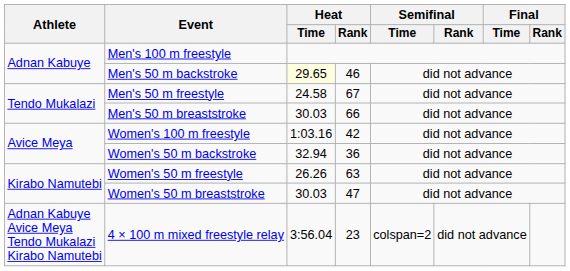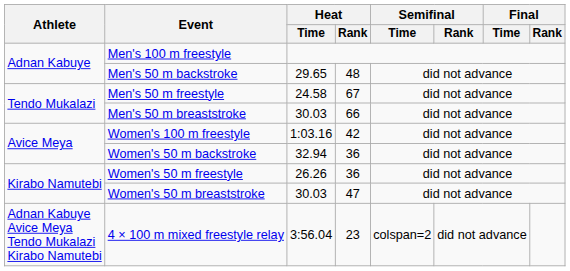 <table class=wikitable style="font-size:90%">
 <tr>
 <th rowspan="2">Athlete</th>
 <th rowspan="2">Event</th>
 <th colspan="2">Heat</th>
 <th colspan="2">Semifinal</th>
 <th colspan="2">Final</th>
 </tr>
 <tr style="font-size:95%">
 <th>Time</th>
 <th>Rank</th>
 <th>Time</th>
 <th>Rank</th>
 <th>Time</th>
 <th>Rank</th>
 </tr>
 <tr align=center>
 <td align=left rowspan=2><a href='#'>Adnan Kabuye</a></td>
 <td align=left><a href='#'>Men's 100 m freestyle</a></td>
 <td colspan=6></td>
 </tr>
 <tr align=center>
 <td align=left><a href='#'>Men's 50 m backstroke</a></td>
-<td style="background: lightyellow;">29.65</td>
-<td>46</td>
+<td>29.65</td>
+<td>48</td>
 <td colspan=4>did not advance</td>
 </tr>
 <tr align=center>
 <td align=left rowspan=2><a href='#'>Tendo Mukalazi</a></td>
 <td align=left><a href='#'>Men's 50 m freestyle</a></td>
 <td>24.58</td>
 <td>67</td>
 <td colspan=4>did not advance</td>
 </tr>
 <tr align=center>
 <td align=left><a href='#'>Men's 50 m breaststroke</a></td>
 <td>30.03</td>
 <td>66</td>
 <td colspan=4>did not advance</td>
 </tr>
 <tr align=center>
 <td align=left rowspan=2><a href='#'>Avice Meya</a></td>
 <td align=left><a href='#'>Women's 100 m freestyle</a></td>
 <td>1:03.16</td>
 <td>42</td>
 <td colspan=4>did not advance</td>
 </tr>
 <tr align=center>
 <td align=left><a href='#'>Women's 50 m backstroke</a></td>
 <td>32.94</td>
 <td>36</td>
 <td colspan=4>did not advance</td>
 </tr>
 <tr align=center>
 <td align=left rowspan=2><a href='#'>Kirabo Namutebi</a></td>
 <td align=left><a href='#'>Women's 50 m freestyle</a></td>
 <td>26.26</td>
-<td>63</td>
+<td>36</td>
 <td colspan=4>did not advance</td>
 </tr>
 <tr align=center>
 <td align=left><a href='#'>Women's 50 m breaststroke</a></td>
 <td>30.03</td>
 <td>47</td>
 <td colspan=4>did not advance</td>
 </tr>
 <tr align=center>
 <td align=left><a href='#'>Adnan Kabuye</a><br><a href='#'>Avice Meya</a><br><a href='#'>Tendo Mukalazi</a><br><a href='#'>Kirabo Namutebi</a></td>
 <td align=left><a href='#'>4 × 100 m mixed freestyle relay</a></td>
 <td>3:56.04</td>
 <td>23</td>
 <td>colspan=2</td>
 <td colspan=2>did not advance</td>
 </tr>
 </table>
